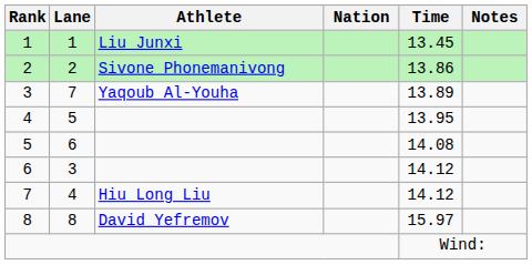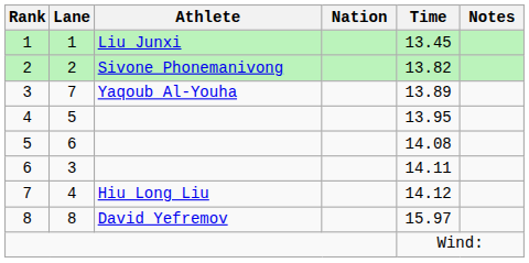 <table class="wikitable sortable" style="text-align:center;width: 70%;">
 <tr>
 <th scope="col" style="width: 10px;">Rank</th>
 <th scope="col" style="width: 10px;">Lane</th>
 <th scope="col">Athlete</th>
 <th scope="col">Nation</th>
 <th scope="col">Time</th>
 <th scope="col">Notes</th>
 </tr>
 <tr bgcolor=bbf3bb>
 <td>1</td>
 <td>1</td>
 <td align="left"><a href='#'>Liu Junxi</a></td>
 <td align="left"></td>
 <td>13.45</td>
 <td></td>
 </tr>
 <tr bgcolor=bbf3bb>
 <td>2</td>
 <td>2</td>
 <td align="left"><a href='#'>Sivone Phonemanivong</a></td>
 <td align="left"></td>
-<td>13.86</td>
+<td>13.82</td>
 <td></td>
 </tr>
 <tr>
 <td>3</td>
 <td>7</td>
 <td align="left"><a href='#'>Yaqoub Al-Youha</a></td>
 <td align="left"></td>
 <td>13.89</td>
 <td></td>
 </tr>
 <tr>
 <td>4</td>
 <td>5</td>
 <td align="left"></td>
 <td align="left"></td>
 <td>13.95</td>
 <td></td>
 </tr>
 <tr>
 <td>5</td>
 <td>6</td>
 <td align="left"></td>
 <td align="left"></td>
 <td>14.08</td>
 <td></td>
 </tr>
 <tr>
 <td>6</td>
 <td>3</td>
 <td align="left"></td>
 <td align="left"></td>
-<td>14.12 </td>
+<td>14.11 </td>
 <td></td>
 </tr>
 <tr>
 <td>7</td>
 <td>4</td>
 <td align="left"><a href='#'>Hiu Long Liu</a></td>
 <td align="left"></td>
 <td>14.12 </td>
 <td></td>
 </tr>
 <tr>
 <td>8</td>
 <td>8</td>
 <td align="left"><a href='#'>David Yefremov</a></td>
 <td align="left"></td>
 <td>15.97</td>
 <td></td>
 </tr>
 <tr class="sortbottom">
 <td colspan="4"></td>
 <td colspan="2">Wind: </td>
 </tr>
 </table>
